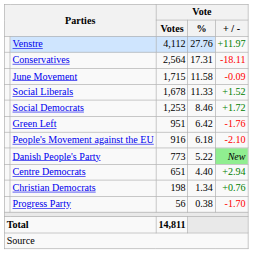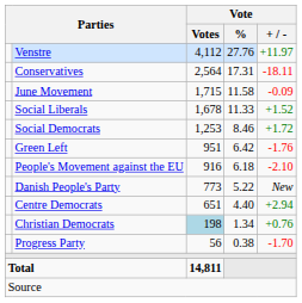 <table class="wikitable" style="text-align:right;">
 <tr>
 <th style="text-align:centre;" rowspan="2" colspan="2" width="225">Parties</th>
 <th colspan="3">Vote</th>
 </tr>
 <tr>
 <th width="15">Votes</th>
 <th width="15">%</th>
 <th width="15">+ / -</th>
 </tr>
 <tr>
 <td width="2" style="color:inherit;background:"></td>
 <td bgcolor=#cfe5fe   align="left"><a href='#'>Venstre</a></td>
 <td bgcolor=#cfe5fe>4,112</td>
 <td bgcolor=#cfe5fe>27.76</td>
 <td style=color:green;>+11.97</td>
 </tr>
 <tr>
 <td width="2" style="color:inherit;background:"></td>
 <td align="left"><a href='#'>Conservatives</a></td>
 <td>2,564</td>
 <td>17.31</td>
 <td style=color:red;>-18.11</td>
 </tr>
 <tr>
 <td width="2" style="color:inherit;background:"></td>
 <td align="left"><a href='#'>June Movement</a></td>
 <td>1,715</td>
 <td>11.58</td>
 <td style=color:red;>-0.09</td>
 </tr>
 <tr>
 <td width="2" style="color:inherit;background:"></td>
 <td align="left"><a href='#'>Social Liberals</a></td>
 <td>1,678</td>
 <td>11.33</td>
 <td style=color:green;>+1.52</td>
 </tr>
 <tr>
 <td width="2" style="color:inherit;background:"></td>
 <td align="left"><a href='#'>Social Democrats</a></td>
 <td>1,253</td>
 <td>8.46</td>
 <td style=color:green;>+1.72</td>
 </tr>
 <tr>
 <td width="2" style="color:inherit;background:"></td>
 <td align="left"><a href='#'>Green Left</a></td>
 <td>951</td>
 <td>6.42</td>
 <td style=color:red;>-1.76</td>
 </tr>
 <tr>
 <td width="2" style="color:inherit;background:"></td>
 <td align="left"><a href='#'>People's Movement against the EU</a></td>
 <td>916</td>
 <td>6.18</td>
 <td style=color:red;>-2.10</td>
 </tr>
 <tr>
 <td width="2" style="color:inherit;background:"></td>
 <td align="left"><a href='#'>Danish People's Party</a></td>
 <td>773</td>
 <td>5.22</td>
-<td style="background: lightgreen;"><em>New</em></td>
+<td><em>New</em></td>
 </tr>
 <tr>
 <td width="2" style="color:inherit;background:"></td>
 <td align="left"><a href='#'>Centre Democrats</a></td>
 <td>651</td>
 <td>4.40</td>
 <td style=color:green;>+2.94</td>
 </tr>
 <tr>
 <td width="2" style="color:inherit;background:"></td>
 <td align="left"><a href='#'>Christian Democrats</a></td>
-<td>198</td>
+<td style="background: lightblue;">198</td>
 <td>1.34</td>
 <td style=color:green;>+0.76</td>
 </tr>
 <tr>
 <td width="2" style="color:inherit;background:"></td>
 <td align="left"><a href='#'>Progress Party</a></td>
 <td>56</td>
 <td>0.38</td>
 <td style=color:red;>-1.70</td>
 </tr>
 <tr>
 <td colspan="7" bgcolor="#E9E9E9"></td>
 </tr>
 <tr>
 <td align="left" colspan="2"><strong>Total</strong></td>
 <td><strong>14,811</strong></td>
 <td bgcolor="#E9E9E9" colspan="2"></td>
 </tr>
 <tr>
 <td align="left" colspan="6">Source</td>
 </tr>
 </table>
